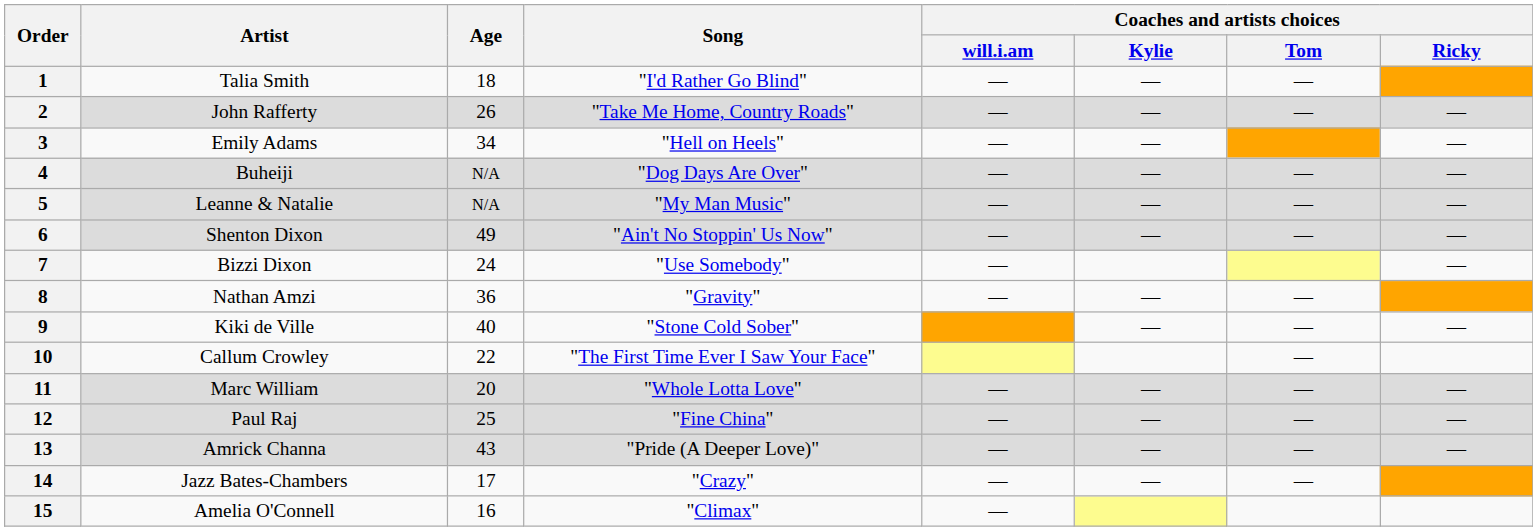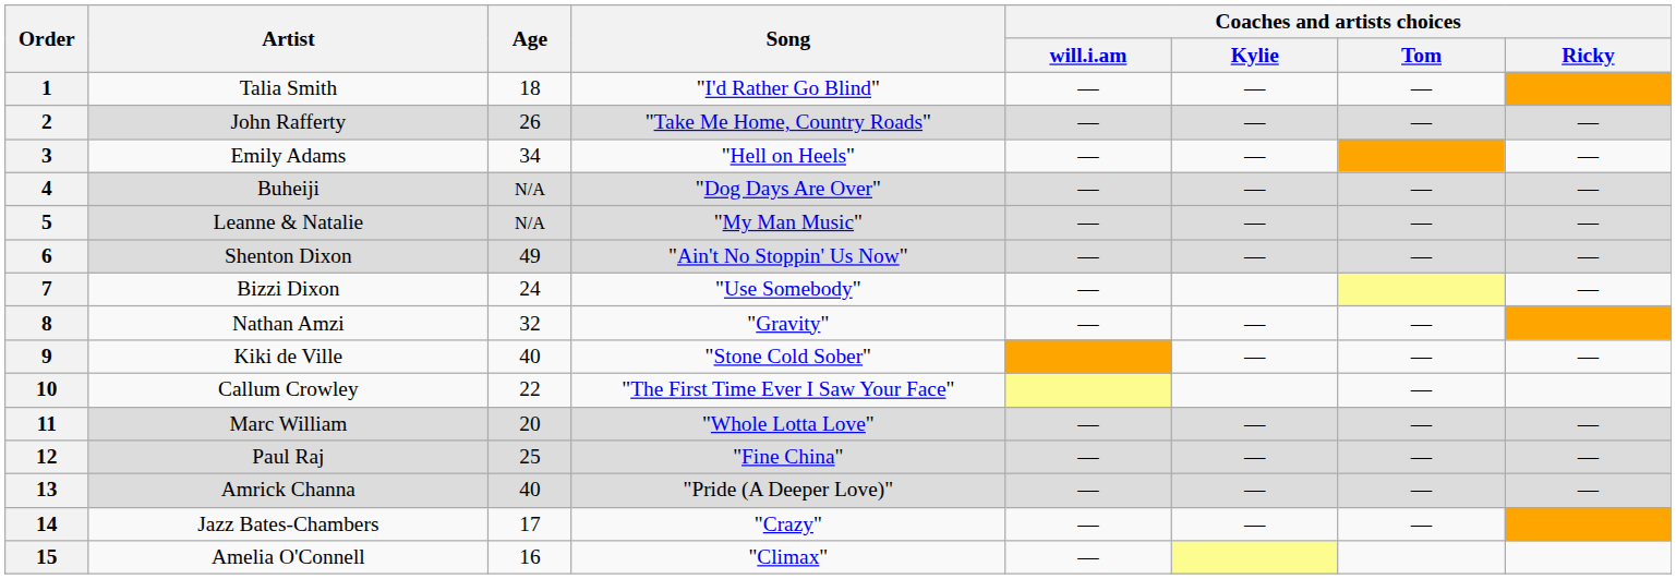 <table class="wikitable" style="text-align:center; width:100%;">
 <tr>
 <th scope="col" rowspan="2" style="width:05%;">Order</th>
 <th scope="col" rowspan="2" style="width:24%;">Artist</th>
 <th scope="col" rowspan="2" style="width:05%;">Age</th>
 <th scope="col" rowspan="2" style="width:26%;">Song</th>
 <th colspan="4" style="width:40%;">Coaches and artists choices</th>
 </tr>
 <tr>
 <th style="width:10%;"><a href='#'>will.i.am</a></th>
 <th style="width:10%;"><a href='#'>Kylie</a></th>
 <th style="width:10%;"><a href='#'>Tom</a></th>
 <th style="width:10%;"><a href='#'>Ricky</a></th>
 </tr>
 <tr>
 <th scope="col">1</th>
 <td>Talia Smith</td>
 <td>18</td>
 <td>"<a href='#'>I'd Rather Go Blind</a>"</td>
 <td>—</td>
 <td>—</td>
 <td>—</td>
 <td style="background:orange;text-align:center;"><strong></strong></td>
 </tr>
 <tr style="background:#DCDCDC">
 <th scope="col">2</th>
 <td style="background:#DCDCDC; text-align:center;">John Rafferty</td>
 <td style="background:#DCDCDC; text-align:center;">26</td>
 <td style="background:#DCDCDC; text-align:center;">"<a href='#'>Take Me Home, Country Roads</a>"</td>
 <td>—</td>
 <td>—</td>
 <td>—</td>
 <td>—</td>
 </tr>
 <tr>
 <th scope="col">3</th>
 <td>Emily Adams</td>
 <td>34</td>
 <td>"<a href='#'>Hell on Heels</a>"</td>
 <td>—</td>
 <td>—</td>
 <td style="background:orange;text-align:center;"><strong></strong></td>
 <td>—</td>
 </tr>
 <tr style="background:#DCDCDC">
 <th scope="col">4</th>
 <td style="background:#DCDCDC; text-align:center;">Buheiji</td>
 <td style="background:#DCDCDC; text-align:center;"><small>N/A</small></td>
 <td style="background:#DCDCDC; text-align:center;">"<a href='#'>Dog Days Are Over</a>"</td>
 <td>—</td>
 <td>—</td>
 <td>—</td>
 <td>—</td>
 </tr>
 <tr style="background:#DCDCDC">
 <th scope="col">5</th>
 <td style="background:#DCDCDC; text-align:center;">Leanne & Natalie</td>
 <td style="background:#DCDCDC; text-align:center;"><small>N/A</small></td>
 <td style="background:#DCDCDC; text-align:center;">"<a href='#'>My Man Music</a>"</td>
 <td>—</td>
 <td>—</td>
 <td>—</td>
 <td>—</td>
 </tr>
 <tr style="background:#DCDCDC">
 <th scope="col">6</th>
 <td style="background:#DCDCDC; text-align:center;">Shenton Dixon</td>
 <td style="background:#DCDCDC; text-align:center;">49</td>
 <td style="background:#DCDCDC; text-align:center;">"<a href='#'>Ain't No Stoppin' Us Now</a>"</td>
 <td>—</td>
 <td>—</td>
 <td>—</td>
 <td>—</td>
 </tr>
 <tr>
 <th scope="col">7</th>
 <td>Bizzi Dixon</td>
 <td>24</td>
 <td>"<a href='#'>Use Somebody</a>"</td>
 <td>—</td>
 <td><strong></strong></td>
 <td style="background:#fdfc8f;text-align:center;"><strong></strong></td>
 <td>—</td>
 </tr>
 <tr>
 <th scope="col">8</th>
 <td>Nathan Amzi</td>
-<td>36</td>
+<td>32</td>
 <td>"<a href='#'>Gravity</a>"</td>
 <td>—</td>
 <td>—</td>
 <td>—</td>
 <td style="background:orange;text-align:center;"><strong></strong></td>
 </tr>
 <tr>
 <th scope="col">9</th>
 <td>Kiki de Ville</td>
 <td>40</td>
 <td>"<a href='#'>Stone Cold Sober</a>"</td>
 <td style="background:orange;text-align:center;"><strong></strong></td>
 <td>—</td>
 <td>—</td>
 <td>—</td>
 </tr>
 <tr>
 <th scope="col">10</th>
 <td>Callum Crowley</td>
 <td>22</td>
 <td>"<a href='#'>The First Time Ever I Saw Your Face</a>"</td>
 <td style="background:#fdfc8f;text-align:center;"><strong></strong></td>
 <td><strong></strong></td>
 <td>—</td>
 <td><strong></strong></td>
 </tr>
 <tr style="background:#DCDCDC">
 <th scope="col">11</th>
 <td style="background:#DCDCDC; text-align:center;">Marc William</td>
 <td style="background:#DCDCDC; text-align:center;">20</td>
 <td style="background:#DCDCDC; text-align:center;">"<a href='#'>Whole Lotta Love</a>"</td>
 <td>—</td>
 <td>—</td>
 <td>—</td>
 <td>—</td>
 </tr>
 <tr style="background:#DCDCDC">
 <th scope="col">12</th>
 <td style="background:#DCDCDC; text-align:center;">Paul Raj</td>
 <td style="background:#DCDCDC; text-align:center;">25</td>
 <td style="background:#DCDCDC; text-align:center;">"<a href='#'>Fine China</a>"</td>
 <td>—</td>
 <td>—</td>
 <td>—</td>
 <td>—</td>
 </tr>
 <tr style="background:#DCDCDC">
 <th scope="col">13</th>
 <td style="background:#DCDCDC; text-align:center;">Amrick Channa</td>
-<td style="background:#DCDCDC; text-align:center;">43</td>
+<td style="background:#DCDCDC; text-align:center;">40</td>
 <td style="background:#DCDCDC; text-align:center;">"Pride (A Deeper Love)"</td>
 <td>—</td>
 <td>—</td>
 <td>—</td>
 <td>—</td>
 </tr>
 <tr>
 <th scope="col">14</th>
 <td>Jazz Bates-Chambers</td>
 <td>17</td>
 <td>"<a href='#'>Crazy</a>"</td>
 <td>—</td>
 <td>—</td>
 <td>—</td>
 <td style="background:orange;text-align:center;"><strong></strong></td>
 </tr>
 <tr>
 <th scope="col">15</th>
 <td>Amelia O'Connell</td>
 <td>16</td>
 <td>"<a href='#'>Climax</a>"</td>
 <td>—</td>
 <td style="background:#fdfc8f;text-align:center;"><strong></strong></td>
 <td><strong></strong></td>
 <td><strong></strong></td>
 </tr>
 </table>
